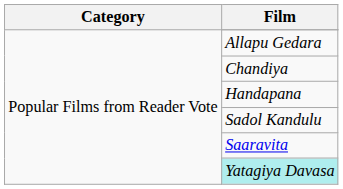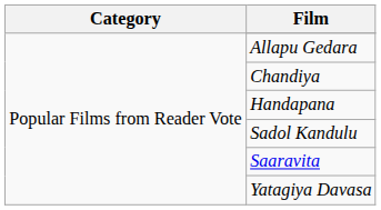 <table class="wikitable plainrowheaders sortable">
 <tr>
 <th scope="col">Category</th>
 <th scope="col">Film</th>
 </tr>
 <tr>
 <td rowspan=7>Popular Films from Reader Vote</td>
 </tr>
 <tr>
 <td><em>Allapu Gedara</em></td>
 </tr>
 <tr>
 <td><em>Chandiya</em></td>
 </tr>
 <tr>
 <td><em>Handapana</em></td>
 </tr>
 <tr>
 <td><em>Sadol Kandulu</em></td>
 </tr>
 <tr>
 <td><em><a href='#'>Saaravita</a></em></td>
 </tr>
 <tr>
-<td style="background: paleturquoise;"><em>Yatagiya Davasa</em></td>
+<td><em>Yatagiya Davasa</em></td>
 </tr>
 </table>
